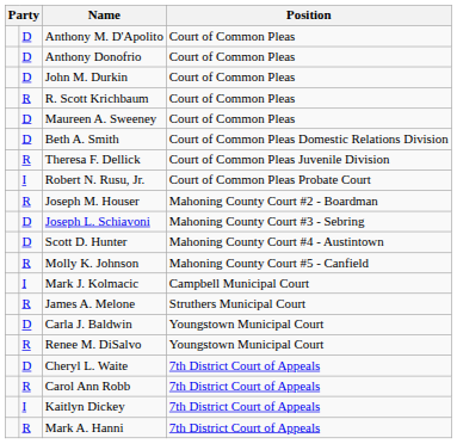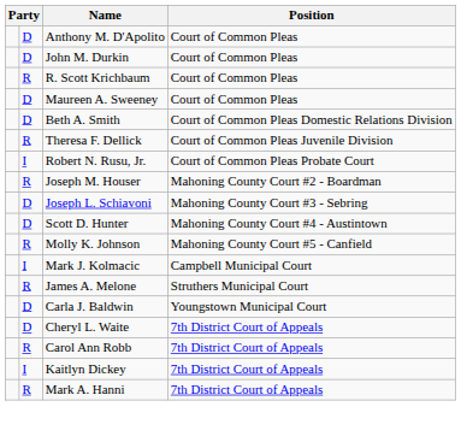 <table class=wikitable>
 <tr>
 <th colspan="2" style="text-align:center; vertical-align:bottom;">Party</th>
 <th style="text-align:center;">Name</th>
 <th valign=bottom>Position</th>
 </tr>
 <tr>
 <td style="background-color:"> </td>
 <td><a href='#'>D</a></td>
 <td>Anthony M. D'Apolito</td>
-<td>Court of Common Pleas</td>
-</tr>
-<tr>
-<td style="background-color:"> </td>
-<td><a href='#'>D</a></td>
-<td>Anthony Donofrio</td>
 <td>Court of Common Pleas</td>
 </tr>
 <tr>
 <td style="background-color:"> </td>
 <td><a href='#'>D</a></td>
 <td>John M. Durkin</td>
 <td>Court of Common Pleas</td>
 </tr>
 <tr>
 <td style="background-color:"> </td>
 <td><a href='#'>R</a></td>
 <td>R. Scott Krichbaum</td>
 <td>Court of Common Pleas</td>
 </tr>
 <tr>
 <td style="background-color:"> </td>
 <td><a href='#'>D</a></td>
 <td>Maureen A. Sweeney</td>
 <td>Court of Common Pleas</td>
 </tr>
 <tr>
 <td style="background-color:"> </td>
 <td><a href='#'>D</a></td>
 <td>Beth A. Smith</td>
 <td>Court of Common Pleas Domestic Relations Division</td>
 </tr>
 <tr>
 <td style="background-color:"> </td>
 <td><a href='#'>R</a></td>
 <td>Theresa F. Dellick</td>
 <td>Court of Common Pleas Juvenile Division</td>
 </tr>
 <tr>
 <td style="background-color:"> </td>
 <td><a href='#'>I</a></td>
 <td>Robert N. Rusu, Jr.</td>
 <td>Court of Common Pleas Probate Court</td>
 </tr>
 <tr>
 <td style="background-color:"> </td>
 <td><a href='#'>R</a></td>
 <td>Joseph M. Houser</td>
 <td>Mahoning County Court #2 - Boardman</td>
 </tr>
 <tr>
 <td style="background-color:"> </td>
 <td><a href='#'>D</a></td>
 <td><a href='#'>Joseph L. Schiavoni</a></td>
 <td>Mahoning County Court #3 - Sebring</td>
 </tr>
 <tr>
 <td style="background-color:"> </td>
 <td><a href='#'>D</a></td>
 <td>Scott D. Hunter</td>
 <td>Mahoning County Court #4 - Austintown</td>
 </tr>
 <tr>
 <td style="background-color:"> </td>
 <td><a href='#'>R</a></td>
 <td>Molly K. Johnson</td>
 <td>Mahoning County Court #5 - Canfield</td>
 </tr>
 <tr>
 <td style="background-color:"> </td>
 <td><a href='#'>I</a></td>
 <td>Mark J. Kolmacic</td>
 <td>Campbell Municipal Court</td>
 </tr>
 <tr>
 <td style="background-color:"> </td>
 <td><a href='#'>R</a></td>
 <td>James A. Melone</td>
 <td>Struthers Municipal Court</td>
 </tr>
 <tr>
 <td style="background-color:"> </td>
 <td><a href='#'>D</a></td>
 <td>Carla J. Baldwin</td>
 <td>Youngstown Municipal Court</td>
 </tr>
 <tr>
 <td style="background-color:"> </td>
-<td><a href='#'>R</a></td>
-<td>Renee M. DiSalvo</td>
-<td>Youngstown Municipal Court</td>
-</tr>
-<tr>
-<td style="background-color:"> </td>
 <td><a href='#'>D</a></td>
 <td>Cheryl L. Waite</td>
 <td><a href='#'>7th District Court of Appeals</a></td>
 </tr>
 <tr>
 <td style="background-color:"> </td>
 <td><a href='#'>R</a></td>
 <td>Carol Ann Robb</td>
 <td><a href='#'>7th District Court of Appeals</a></td>
 </tr>
 <tr>
 <td style="background-color:"> </td>
 <td><a href='#'>I</a></td>
 <td>Kaitlyn Dickey</td>
 <td><a href='#'>7th District Court of Appeals</a></td>
 </tr>
 <tr>
 <td style="background-color:"> </td>
 <td><a href='#'>R</a></td>
 <td>Mark A. Hanni</td>
 <td><a href='#'>7th District Court of Appeals</a></td>
 </tr>
 </table>
